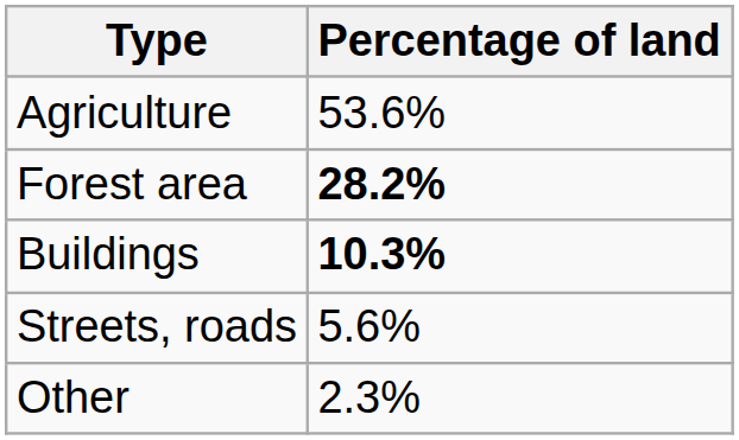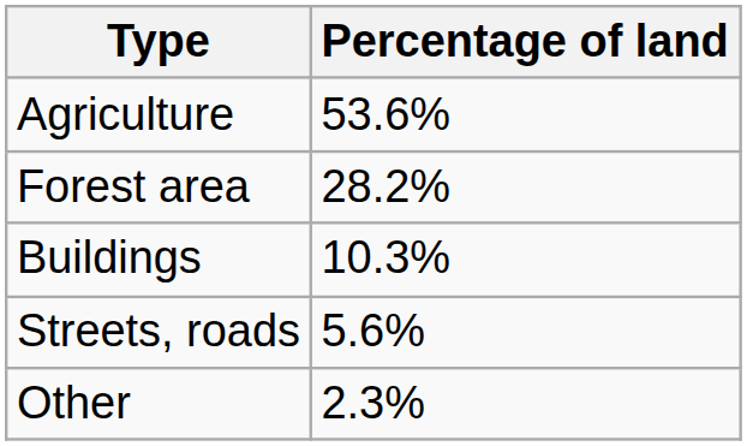 <table class="wikitable">
 <tr>
 <th>Type</th>
 <th>Percentage of land</th>
 </tr>
 <tr>
 <td>Agriculture</td>
 <td>53.6%</td>
 </tr>
 <tr>
 <td>Forest area</td>
-<td><strong>28.2%</strong></td>
+<td>28.2%</td>
 </tr>
 <tr>
 <td>Buildings</td>
-<td><strong>10.3%</strong></td>
+<td>10.3%</td>
 </tr>
 <tr>
 <td>Streets, roads</td>
 <td>5.6%</td>
 </tr>
 <tr>
 <td>Other</td>
 <td>2.3%</td>
 </tr>
 </table>
